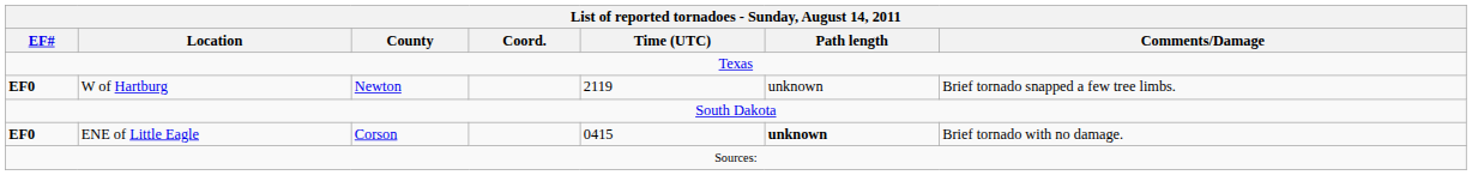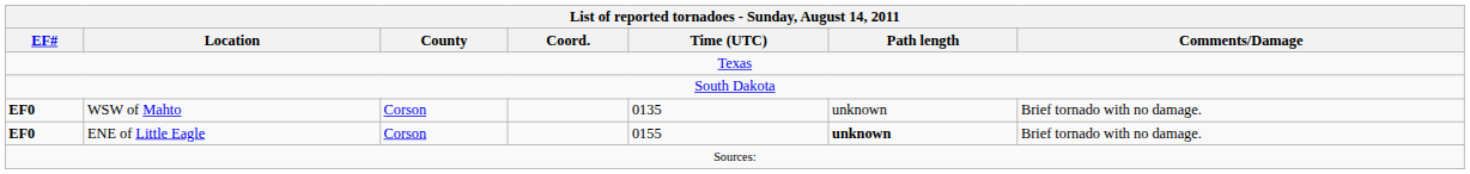 <table class="wikitable collapsible" width="100%">
 <tr>
 <th colspan="7">List of reported tornadoes - Sunday, August 14, 2011</th>
 </tr>
 <tr>
 <th><a href='#'>EF#</a></th>
 <th>Location</th>
 <th>County</th>
 <th>Coord.</th>
 <th>Time (UTC)</th>
 <th>Path length</th>
 <th>Comments/Damage</th>
 </tr>
 <tr>
 <td colspan="7" align=center><a href='#'>Texas</a></td>
 </tr>
 <tr>
-<td><strong>EF0</strong></td>
-<td>W of <a href='#'>Hartburg</a></td>
-<td><a href='#'>Newton</a></td>
-<td></td>
-<td>2119</td>
-<td>unknown</td>
-<td>Brief tornado snapped a few tree limbs.</td>
+<td colspan="7" align=center><a href='#'>South Dakota</a></td>
 </tr>
 <tr>
-<td colspan="7" align=center><a href='#'>South Dakota</a></td>
+<td><strong>EF0</strong></td>
+<td>WSW of <a href='#'>Mahto</a></td>
+<td><a href='#'>Corson</a></td>
+<td></td>
+<td>0135</td>
+<td>unknown</td>
+<td>Brief tornado with no damage.</td>
 </tr>
 <tr>
 <td><strong>EF0</strong></td>
 <td>ENE of <a href='#'>Little Eagle</a></td>
 <td><a href='#'>Corson</a></td>
 <td></td>
-<td>0415</td>
+<td>0155</td>
 <td><strong>unknown</strong></td>
 <td>Brief tornado with no damage.</td>
 </tr>
 <tr>
 <td colspan="7" align=center><small>Sources: </small></td>
 </tr>
 </table>
